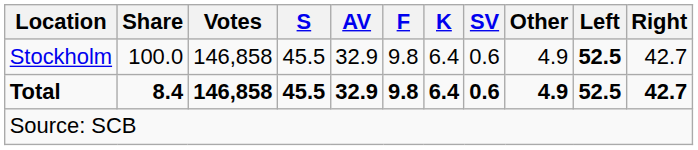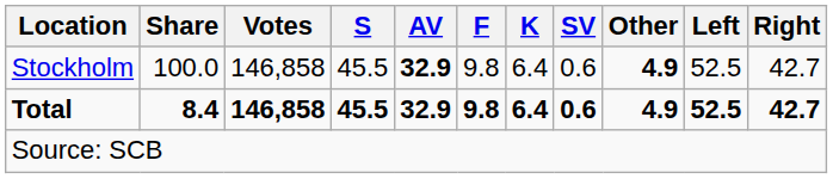 <table class="wikitable sortable" style=text-align:right>
 <tr>
 <th>Location</th>
 <th>Share</th>
 <th>Votes</th>
 <th><a href='#'>S</a></th>
 <th><a href='#'>AV</a></th>
 <th><a href='#'>F</a></th>
 <th><a href='#'>K</a></th>
 <th><a href='#'>SV</a></th>
 <th>Other</th>
 <th>Left</th>
 <th>Right</th>
 </tr>
 <tr>
 <td align=left><a href='#'>Stockholm</a></td>
 <td>100.0</td>
 <td>146,858</td>
 <td>45.5</td>
-<td>32.9</td>
+<td><strong>32.9</strong></td>
 <td>9.8</td>
 <td>6.4</td>
 <td>0.6</td>
-<td>4.9</td>
-<td><strong>52.5</strong></td>
+<td><strong>4.9</strong></td>
+<td>52.5</td>
 <td>42.7</td>
 </tr>
 <tr>
 <td align=left><strong>Total</strong></td>
 <td><strong>8.4</strong></td>
 <td><strong>146,858</strong></td>
 <td><strong>45.5</strong></td>
 <td><strong>32.9</strong></td>
 <td><strong>9.8</strong></td>
 <td><strong>6.4</strong></td>
 <td><strong>0.6</strong></td>
 <td><strong>4.9</strong></td>
 <td><strong>52.5</strong></td>
 <td><strong>42.7</strong></td>
 </tr>
 <tr>
 <td align=left colspan=11>Source: SCB </td>
 </tr>
 </table>
